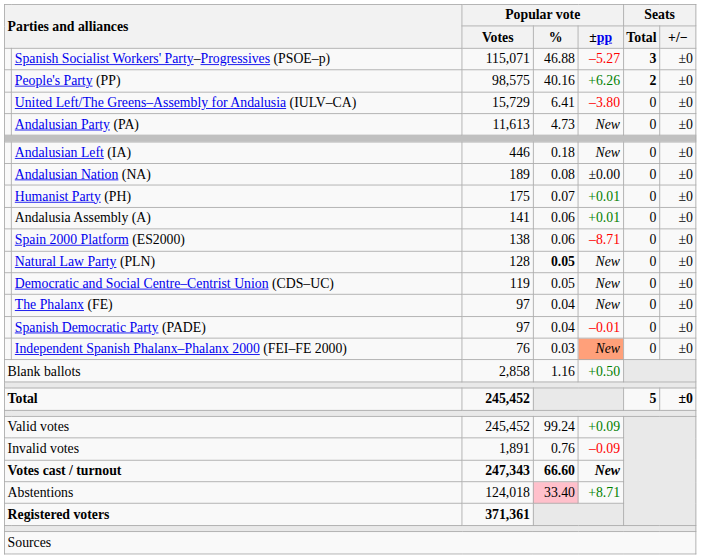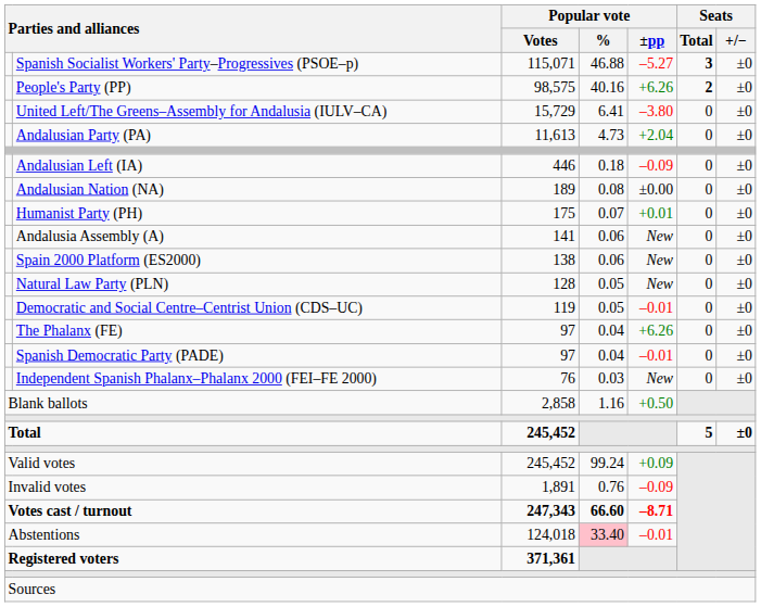 <table class="wikitable" style="text-align:right;">
 <tr>
 <th style="text-align:left;" rowspan="2" colspan="2" width="525">Parties and alliances</th>
 <th colspan="3">Popular vote</th>
 <th colspan="2">Seats</th>
 </tr>
 <tr>
 <th width="75">Votes</th>
 <th width="45">%</th>
 <th width="45">±<a href='#'>pp</a></th>
 <th width="35">Total</th>
 <th width="35">+/−</th>
 </tr>
 <tr>
 <td width="1" style="color:inherit;background:"></td>
 <td align="left"><a href='#'>Spanish Socialist Workers' Party</a>–<a href='#'>Progressives</a> (PSOE–p)</td>
 <td>115,071</td>
 <td>46.88</td>
 <td style="color:red;">–5.27</td>
 <td><strong>3</strong></td>
 <td>±0</td>
 </tr>
 <tr>
 <td style="color:inherit;background:"></td>
 <td align="left"><a href='#'>People's Party</a> (PP)</td>
 <td>98,575</td>
 <td>40.16</td>
 <td style="color:green;">+6.26</td>
 <td><strong>2</strong></td>
 <td>±0</td>
 </tr>
 <tr>
 <td style="color:inherit;background:"></td>
 <td align="left"><a href='#'>United Left/The Greens–Assembly for Andalusia</a> (IULV–CA)</td>
 <td>15,729</td>
 <td>6.41</td>
 <td style="color:red;">–3.80</td>
 <td>0</td>
 <td>±0</td>
 </tr>
 <tr>
 <td style="color:inherit;background:"></td>
 <td align="left"><a href='#'>Andalusian Party</a> (PA)</td>
 <td>11,613</td>
 <td>4.73</td>
-<td><em>New</em></td>
+<td style="color:green;">+2.04</td>
 <td>0</td>
 <td>±0</td>
 </tr>
 <tr>
 <td colspan="7" bgcolor="#C0C0C0"></td>
 </tr>
 <tr>
 <td style="color:inherit;background:"></td>
 <td align="left"><a href='#'>Andalusian Left</a> (IA)</td>
 <td>446</td>
 <td>0.18</td>
-<td><em>New</em></td>
+<td style="color:red;">–0.09</td>
 <td>0</td>
 <td>±0</td>
 </tr>
 <tr>
 <td style="color:inherit;background:"></td>
 <td align="left"><a href='#'>Andalusian Nation</a> (NA)</td>
 <td>189</td>
 <td>0.08</td>
 <td>±0.00</td>
 <td>0</td>
 <td>±0</td>
 </tr>
 <tr>
 <td style="color:inherit;background:"></td>
 <td align="left"><a href='#'>Humanist Party</a> (PH)</td>
 <td>175</td>
 <td>0.07</td>
 <td style="color:green;">+0.01</td>
 <td>0</td>
 <td>±0</td>
 </tr>
 <tr>
 <td style="color:inherit;background:"></td>
 <td align="left">Andalusia Assembly (A)</td>
 <td>141</td>
 <td>0.06</td>
-<td style="color:green;">+0.01</td>
+<td><em>New</em></td>
 <td>0</td>
 <td>±0</td>
 </tr>
 <tr>
 <td style="color:inherit;background:"></td>
 <td align="left"><a href='#'>Spain 2000 Platform</a> (ES2000)</td>
 <td>138</td>
 <td>0.06</td>
-<td style="color:red;">–8.71</td>
+<td><em>New</em></td>
 <td>0</td>
 <td>±0</td>
 </tr>
 <tr>
 <td style="color:inherit;background:"></td>
 <td align="left"><a href='#'>Natural Law Party</a> (PLN)</td>
 <td>128</td>
-<td><strong>0.05</strong></td>
+<td>0.05</td>
 <td><em>New</em></td>
 <td>0</td>
 <td>±0</td>
 </tr>
 <tr>
 <td style="color:inherit;background:"></td>
 <td align="left"><a href='#'>Democratic and Social Centre–Centrist Union</a> (CDS–UC)</td>
 <td>119</td>
 <td>0.05</td>
-<td><em>New</em></td>
+<td style="color:red;">–0.01</td>
 <td>0</td>
 <td>±0</td>
 </tr>
 <tr>
 <td style="color:inherit;background:"></td>
 <td align="left"><a href='#'>The Phalanx</a> (FE)</td>
 <td>97</td>
 <td>0.04</td>
-<td><em>New</em></td>
+<td style="color:green;">+6.26</td>
 <td>0</td>
 <td>±0</td>
 </tr>
 <tr>
 <td style="color:inherit;background:"></td>
 <td align="left"><a href='#'>Spanish Democratic Party</a> (PADE)</td>
 <td>97</td>
 <td>0.04</td>
 <td style="color:red;">–0.01</td>
 <td>0</td>
 <td>±0</td>
 </tr>
 <tr>
 <td style="color:inherit;background:"></td>
 <td align="left"><a href='#'>Independent Spanish Phalanx–Phalanx 2000</a> (FEI–FE 2000)</td>
 <td>76</td>
 <td>0.03</td>
-<td style="background: lightsalmon;"><em>New</em></td>
+<td><em>New</em></td>
 <td>0</td>
 <td>±0</td>
 </tr>
 <tr>
 <td align="left" colspan="2">Blank ballots</td>
 <td>2,858</td>
 <td>1.16</td>
 <td style="color:green;">+0.50</td>
 <td bgcolor="#E9E9E9" colspan="2"></td>
 </tr>
 <tr>
 <td colspan="7" bgcolor="#E9E9E9"></td>
 </tr>
 <tr style="font-weight:bold;">
 <td align="left" colspan="2">Total</td>
 <td>245,452</td>
 <td bgcolor="#E9E9E9" colspan="2"></td>
 <td>5</td>
 <td>±0</td>
 </tr>
 <tr>
 <td colspan="7" bgcolor="#E9E9E9"></td>
 </tr>
 <tr>
 <td align="left" colspan="2">Valid votes</td>
 <td>245,452</td>
 <td>99.24</td>
 <td style="color:green;">+0.09</td>
 <td bgcolor="#E9E9E9" colspan="2" rowspan="5"></td>
 </tr>
 <tr>
 <td align="left" colspan="2">Invalid votes</td>
 <td>1,891</td>
 <td>0.76</td>
 <td style="color:red;">–0.09</td>
 </tr>
 <tr style="font-weight:bold;">
 <td align="left" colspan="2">Votes cast / turnout</td>
 <td>247,343</td>
 <td>66.60</td>
-<td><em>New</em></td>
+<td style="color:red;">–8.71</td>
 </tr>
 <tr>
 <td align="left" colspan="2">Abstentions</td>
 <td>124,018</td>
 <td style="background: pink;">33.40</td>
-<td style="color:green;">+8.71</td>
+<td style="color:red;">–0.01</td>
 </tr>
 <tr style="font-weight:bold;">
 <td align="left" colspan="2">Registered voters</td>
 <td>371,361</td>
 <td bgcolor="#E9E9E9" colspan="2"></td>
 </tr>
 <tr>
 <td colspan="7" bgcolor="#E9E9E9"></td>
 </tr>
 <tr>
 <td align="left" colspan="7">Sources</td>
 </tr>
 </table>
